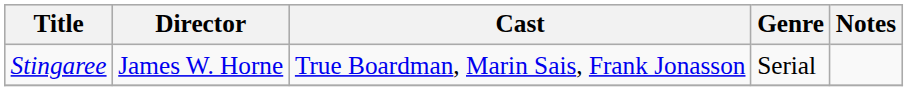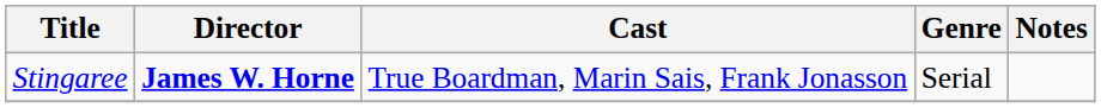 <table class="wikitable">
 <tr>
 <th>Title</th>
 <th>Director</th>
 <th>Cast</th>
 <th>Genre</th>
 <th>Notes</th>
 </tr>
 <tr>
 <td><em><a href='#'>Stingaree</a></em></td>
-<td><a href='#'>James W. Horne</a></td>
+<td><strong><a href='#'>James W. Horne</a></strong></td>
 <td><a href='#'>True Boardman</a>, <a href='#'>Marin Sais</a>, <a href='#'>Frank Jonasson</a></td>
 <td>Serial</td>
 <td></td>
 </tr>
 <tr>
 </tr>
 </table>
